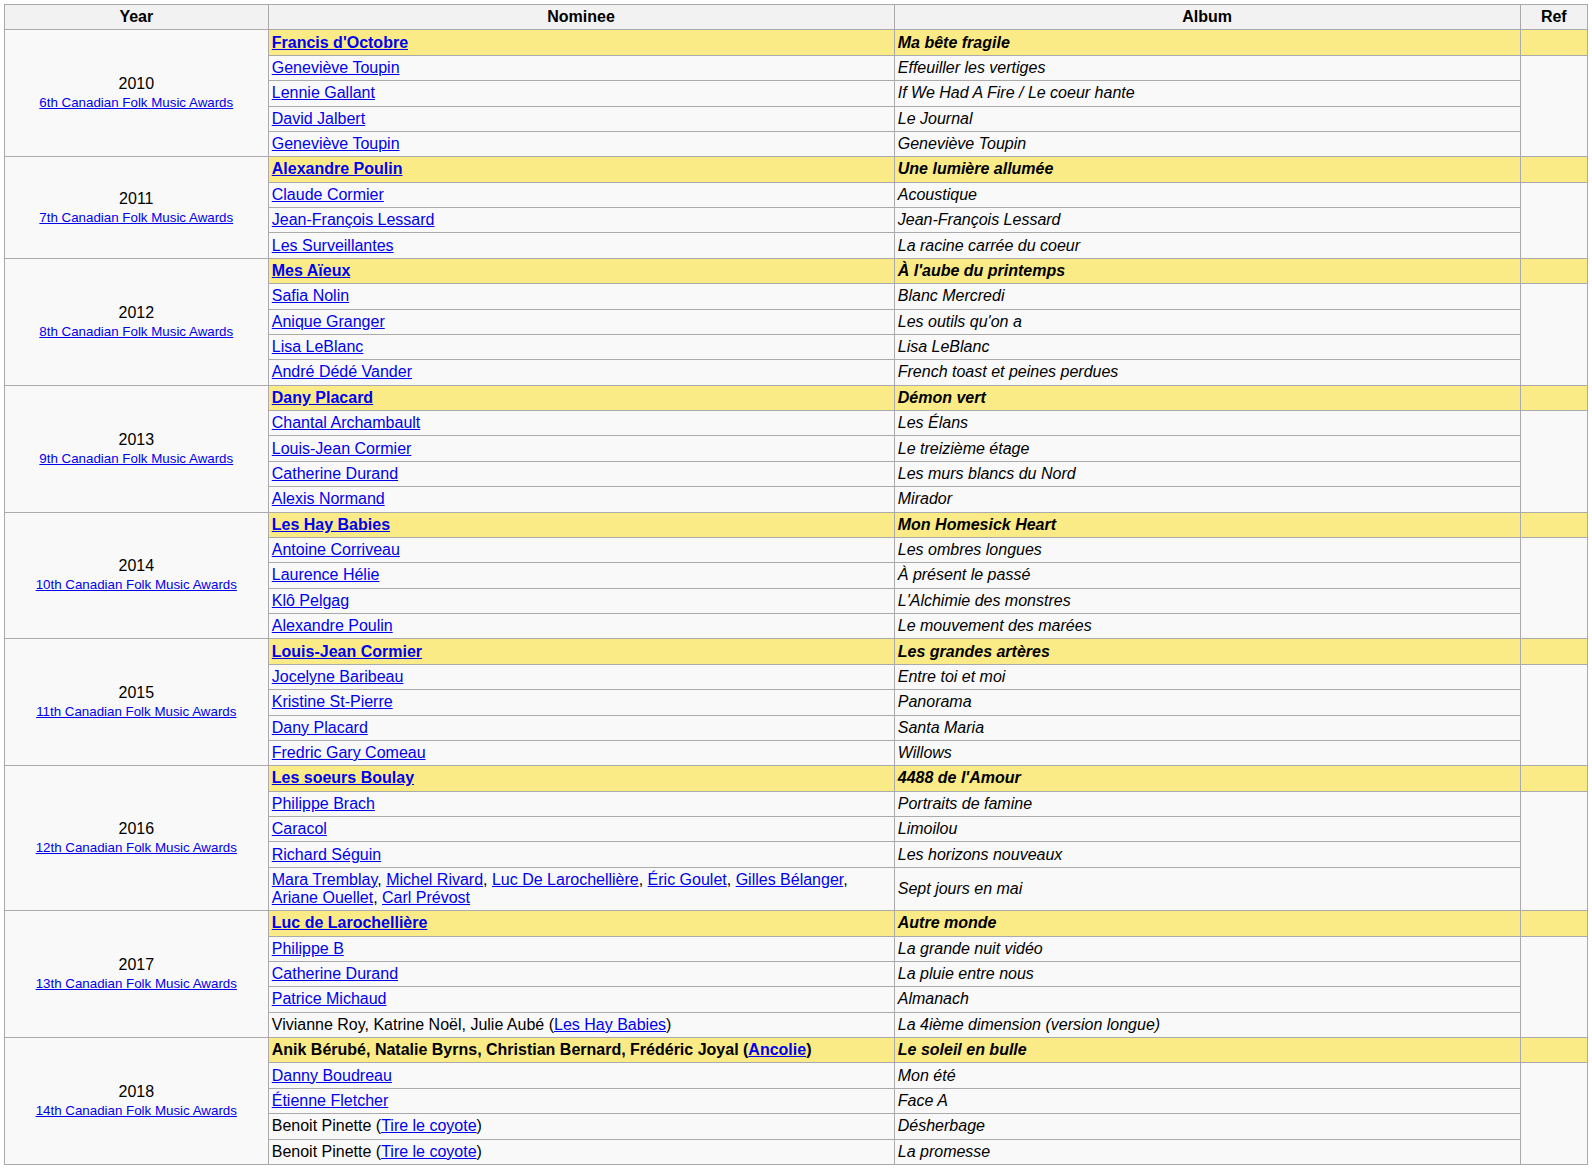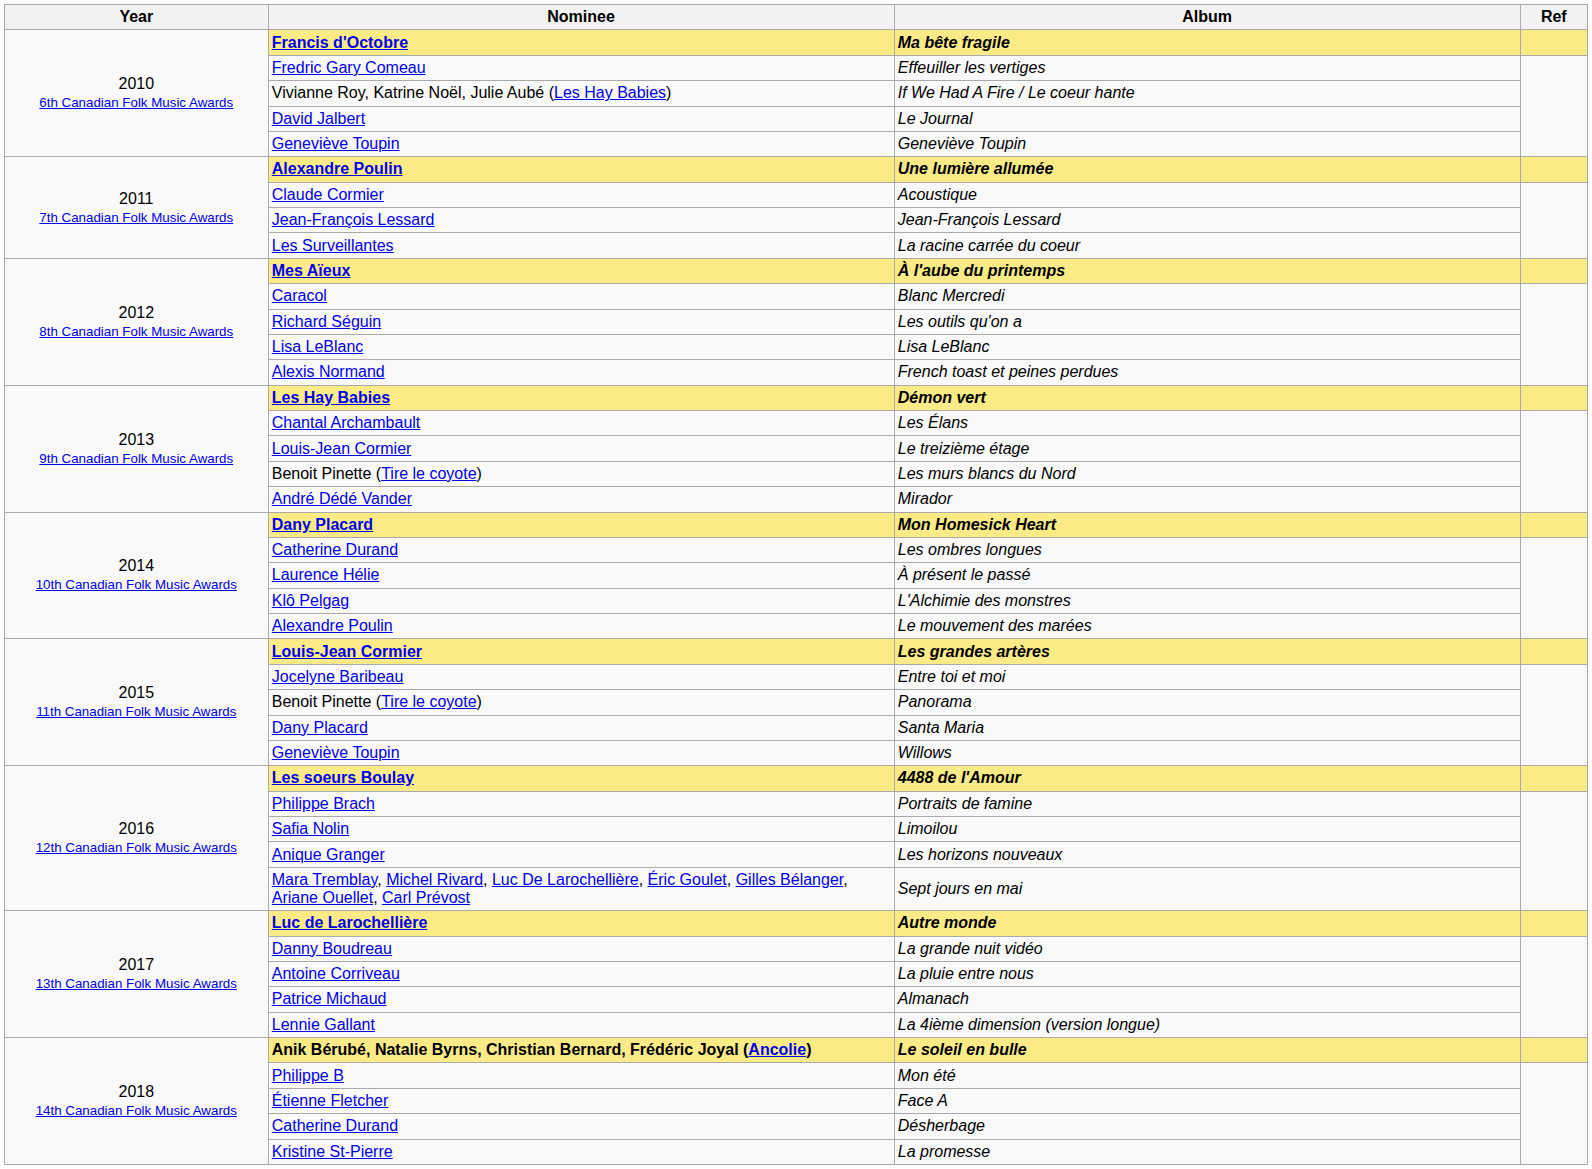 <table class="wikitable" style="width:100%;">
 <tr style="background:#bebebe;">
 <th style="width:8%;">Year</th>
 <th style="width:19%;">Nominee</th>
 <th style="width:19%;">Album</th>
 <th style="width:2%;">Ref</th>
 </tr>
 <tr>
 <td rowspan="6" align="center">2010 <br> <small><a href='#'>6th Canadian Folk Music Awards</a></small></td>
 </tr>
 <tr style="background:#FAEB86;">
 <td><strong><a href='#'>Francis d'Octobre</a></strong></td>
 <td><strong><em>Ma bête fragile</em></strong></td>
 <td></td>
 </tr>
 <tr>
-<td><a href='#'>Geneviève Toupin</a></td>
+<td><a href='#'>Fredric Gary Comeau</a></td>
 <td><em>Effeuiller les vertiges</em></td>
 <td rowspan=4></td>
 </tr>
 <tr>
-<td><a href='#'>Lennie Gallant</a></td>
+<td>Vivianne Roy, Katrine Noël, Julie Aubé (<a href='#'>Les Hay Babies</a>)</td>
 <td><em>If We Had A Fire / Le coeur hante</em></td>
 </tr>
 <tr>
 <td><a href='#'>David Jalbert</a></td>
 <td><em>Le Journal</em></td>
 </tr>
 <tr>
 <td><a href='#'>Geneviève Toupin</a></td>
 <td><em>Geneviève Toupin</em></td>
 </tr>
 <tr>
 <td rowspan="5" align="center">2011 <br> <small><a href='#'>7th Canadian Folk Music Awards</a></small></td>
 </tr>
 <tr style="background:#FAEB86;">
 <td><strong><a href='#'>Alexandre Poulin</a></strong></td>
 <td><strong><em>Une lumière allumée</em></strong></td>
 <td></td>
 </tr>
 <tr>
 <td><a href='#'>Claude Cormier</a></td>
 <td><em>Acoustique</em></td>
 <td rowspan=3></td>
 </tr>
 <tr>
 <td><a href='#'>Jean-François Lessard</a></td>
 <td><em>Jean-François Lessard</em></td>
 </tr>
 <tr>
 <td><a href='#'>Les Surveillantes</a></td>
 <td><em>La racine carrée du coeur</em></td>
 </tr>
 <tr>
 <td rowspan="6" align="center">2012 <br> <small><a href='#'>8th Canadian Folk Music Awards</a></small></td>
 </tr>
 <tr style="background:#FAEB86;">
 <td><strong><a href='#'>Mes Aïeux</a></strong></td>
 <td><strong><em>À l'aube du printemps</em></strong></td>
 <td></td>
 </tr>
 <tr>
-<td><a href='#'>Safia Nolin</a></td>
+<td><a href='#'>Caracol</a></td>
 <td><em>Blanc Mercredi</em></td>
 <td rowspan=4></td>
 </tr>
 <tr>
-<td><a href='#'>Anique Granger</a></td>
+<td><a href='#'>Richard Séguin</a></td>
 <td><em>Les outils qu'on a</em></td>
 </tr>
 <tr>
 <td><a href='#'>Lisa LeBlanc</a></td>
 <td><em>Lisa LeBlanc</em></td>
 </tr>
 <tr>
-<td><a href='#'>André Dédé Vander</a></td>
+<td><a href='#'>Alexis Normand</a></td>
 <td><em>French toast et peines perdues</em></td>
 </tr>
 <tr>
 <td rowspan="6" align="center">2013 <br> <small><a href='#'>9th Canadian Folk Music Awards</a></small></td>
 </tr>
 <tr style="background:#FAEB86;">
-<td><strong><a href='#'>Dany Placard</a></strong></td>
+<td><strong><a href='#'>Les Hay Babies</a></strong></td>
 <td><strong><em>Démon vert</em></strong></td>
 <td></td>
 </tr>
 <tr>
 <td><a href='#'>Chantal Archambault</a></td>
 <td><em>Les Élans</em></td>
 <td rowspan=4></td>
 </tr>
 <tr>
 <td><a href='#'>Louis-Jean Cormier</a></td>
 <td><em>Le treizième étage</em></td>
 </tr>
 <tr>
-<td><a href='#'>Catherine Durand</a></td>
+<td>Benoit Pinette (<a href='#'>Tire le coyote</a>)</td>
 <td><em>Les murs blancs du Nord</em></td>
 </tr>
 <tr>
-<td><a href='#'>Alexis Normand</a></td>
+<td><a href='#'>André Dédé Vander</a></td>
 <td><em>Mirador</em></td>
 </tr>
 <tr>
 <td rowspan="6" align="center">2014 <br> <small><a href='#'>10th Canadian Folk Music Awards</a></small></td>
 </tr>
 <tr style="background:#FAEB86;">
-<td><strong><a href='#'>Les Hay Babies</a></strong></td>
+<td><strong><a href='#'>Dany Placard</a></strong></td>
 <td><strong><em>Mon Homesick Heart</em></strong></td>
 <td></td>
 </tr>
 <tr>
-<td><a href='#'>Antoine Corriveau</a></td>
+<td><a href='#'>Catherine Durand</a></td>
 <td><em>Les ombres longues</em></td>
 <td rowspan=4></td>
 </tr>
 <tr>
 <td><a href='#'>Laurence Hélie</a></td>
 <td><em>À présent le passé</em></td>
 </tr>
 <tr>
 <td><a href='#'>Klô Pelgag</a></td>
 <td><em>L'Alchimie des monstres</em></td>
 </tr>
 <tr>
 <td><a href='#'>Alexandre Poulin</a></td>
 <td><em>Le mouvement des marées</em></td>
 </tr>
 <tr>
 <td rowspan="6" align="center">2015 <br> <small><a href='#'>11th Canadian Folk Music Awards</a></small></td>
 </tr>
 <tr style="background:#FAEB86;">
 <td><strong><a href='#'>Louis-Jean Cormier</a></strong></td>
 <td><strong><em>Les grandes artères</em></strong></td>
 <td></td>
 </tr>
 <tr>
 <td><a href='#'>Jocelyne Baribeau</a></td>
 <td><em>Entre toi et moi</em></td>
 <td rowspan=4></td>
 </tr>
 <tr>
-<td><a href='#'>Kristine St-Pierre</a></td>
+<td>Benoit Pinette (<a href='#'>Tire le coyote</a>)</td>
 <td><em>Panorama</em></td>
 </tr>
 <tr>
 <td><a href='#'>Dany Placard</a></td>
 <td><em>Santa Maria</em></td>
 </tr>
 <tr>
-<td><a href='#'>Fredric Gary Comeau</a></td>
+<td><a href='#'>Geneviève Toupin</a></td>
 <td><em>Willows</em></td>
 </tr>
 <tr>
 <td rowspan="6" align="center">2016 <br> <small><a href='#'>12th Canadian Folk Music Awards</a></small></td>
 </tr>
 <tr style="background:#FAEB86;">
 <td><strong><a href='#'>Les soeurs Boulay</a></strong></td>
 <td><strong><em>4488 de l'Amour</em></strong></td>
 <td></td>
 </tr>
 <tr>
 <td><a href='#'>Philippe Brach</a></td>
 <td><em>Portraits de famine</em></td>
 <td rowspan=4></td>
 </tr>
 <tr>
-<td><a href='#'>Caracol</a></td>
+<td><a href='#'>Safia Nolin</a></td>
 <td><em>Limoilou</em></td>
 </tr>
 <tr>
-<td><a href='#'>Richard Séguin</a></td>
+<td><a href='#'>Anique Granger</a></td>
 <td><em>Les horizons nouveaux</em></td>
 </tr>
 <tr>
 <td><a href='#'>Mara Tremblay</a>, <a href='#'>Michel Rivard</a>, <a href='#'>Luc De Larochellière</a>, <a href='#'>Éric Goulet</a>, <a href='#'>Gilles Bélanger</a>, <a href='#'>Ariane Ouellet</a>, <a href='#'>Carl Prévost</a></td>
 <td><em>Sept jours en mai</em></td>
 </tr>
 <tr>
 <td rowspan="6" align="center">2017 <br> <small><a href='#'>13th Canadian Folk Music Awards</a></small></td>
 </tr>
 <tr style="background:#FAEB86;">
 <td><strong><a href='#'>Luc de Larochellière</a></strong></td>
 <td><strong><em>Autre monde</em></strong></td>
 <td></td>
 </tr>
 <tr>
-<td><a href='#'>Philippe B</a></td>
+<td><a href='#'>Danny Boudreau</a></td>
 <td><em>La grande nuit vidéo</em></td>
 <td rowspan=4></td>
 </tr>
 <tr>
-<td><a href='#'>Catherine Durand</a></td>
+<td><a href='#'>Antoine Corriveau</a></td>
 <td><em>La pluie entre nous</em></td>
 </tr>
 <tr>
 <td><a href='#'>Patrice Michaud</a></td>
 <td><em>Almanach</em></td>
 </tr>
 <tr>
-<td>Vivianne Roy, Katrine Noël, Julie Aubé (<a href='#'>Les Hay Babies</a>)</td>
+<td><a href='#'>Lennie Gallant</a></td>
 <td><em>La 4ième dimension (version longue)</em></td>
 </tr>
 <tr>
 <td rowspan="6" align="center">2018 <br> <small><a href='#'>14th Canadian Folk Music Awards</a></small></td>
 </tr>
 <tr style="background:#FAEB86;">
 <td><strong>Anik Bérubé, Natalie Byrns, Christian Bernard, Frédéric Joyal (<a href='#'>Ancolie</a>)</strong></td>
 <td><strong><em>Le soleil en bulle</em></strong></td>
 <td></td>
 </tr>
 <tr>
-<td><a href='#'>Danny Boudreau</a></td>
+<td><a href='#'>Philippe B</a></td>
 <td><em>Mon été</em></td>
 <td rowspan=4></td>
 </tr>
 <tr>
 <td><a href='#'>Étienne Fletcher</a></td>
 <td><em>Face A</em></td>
 </tr>
 <tr>
-<td>Benoit Pinette (<a href='#'>Tire le coyote</a>)</td>
+<td><a href='#'>Catherine Durand</a></td>
 <td><em>Désherbage</em></td>
 </tr>
 <tr>
-<td>Benoit Pinette (<a href='#'>Tire le coyote</a>)</td>
+<td><a href='#'>Kristine St-Pierre</a></td>
 <td><em>La promesse</em></td>
 </tr>
 </table>
